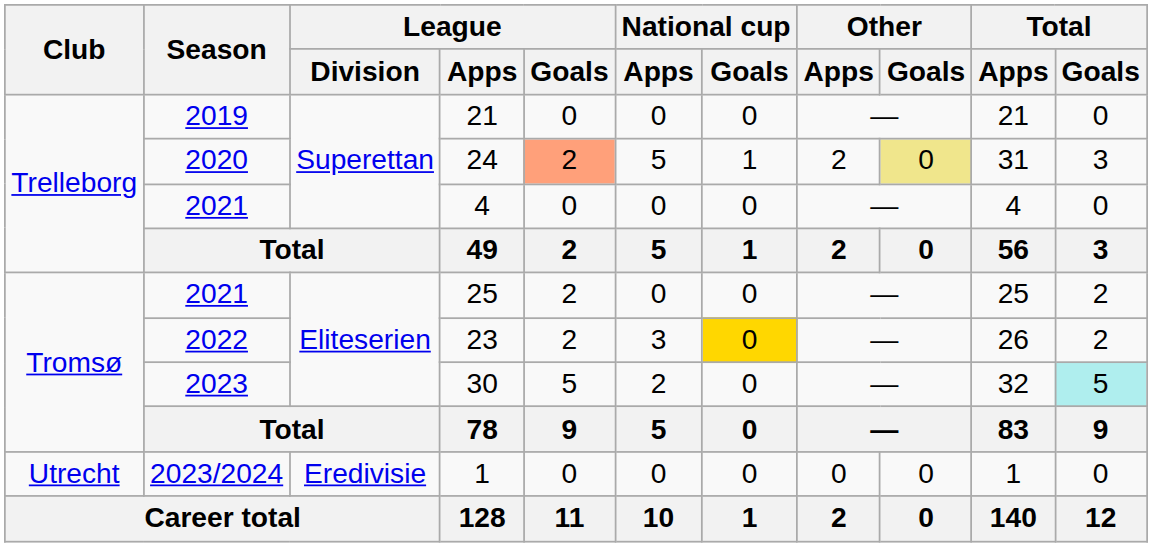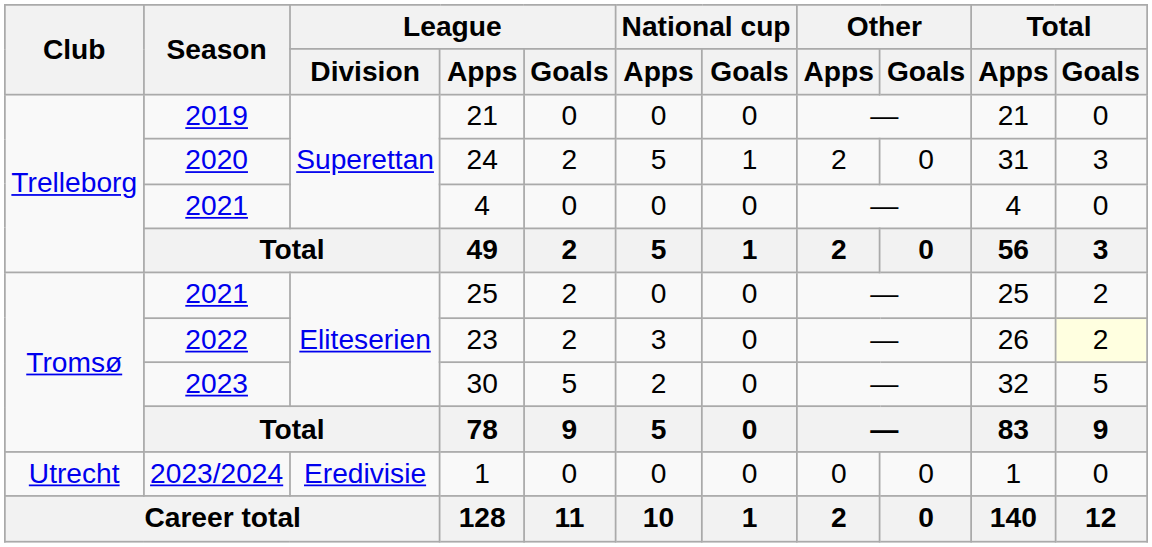 <table class="wikitable" style="text-align: center;">
 <tr>
 <th rowspan="2">Club</th>
 <th rowspan="2">Season</th>
 <th colspan="3">League</th>
 <th colspan="2">National cup</th>
 <th colspan="2">Other</th>
 <th colspan="2">Total</th>
 </tr>
 <tr>
 <th>Division</th>
 <th>Apps</th>
 <th>Goals</th>
 <th>Apps</th>
 <th>Goals</th>
 <th>Apps</th>
 <th>Goals</th>
 <th>Apps</th>
 <th>Goals</th>
 </tr>
 <tr>
 <td rowspan="4"><a href='#'>Trelleborg</a></td>
 <td><a href='#'>2019</a></td>
 <td rowspan="3"><a href='#'>Superettan</a></td>
 <td>21</td>
 <td>0</td>
 <td>0</td>
 <td>0</td>
 <td colspan="2">—</td>
 <td>21</td>
 <td>0</td>
 </tr>
 <tr>
 <td><a href='#'>2020</a></td>
 <td>24</td>
-<td style="background: lightsalmon;">2</td>
+<td>2</td>
 <td>5</td>
 <td>1</td>
 <td>2</td>
-<td style="background: khaki;">0</td>
+<td>0</td>
 <td>31</td>
 <td>3</td>
 </tr>
 <tr>
 <td><a href='#'>2021</a></td>
 <td>4</td>
 <td>0</td>
 <td>0</td>
 <td>0</td>
 <td colspan="2">—</td>
 <td>4</td>
 <td>0</td>
 </tr>
 <tr>
 <th colspan="2">Total</th>
 <th>49</th>
 <th>2</th>
 <th>5</th>
 <th>1</th>
 <th>2</th>
 <th>0</th>
 <th>56</th>
 <th>3</th>
 </tr>
 <tr>
 <td rowspan="4"><a href='#'>Tromsø</a></td>
 <td><a href='#'>2021</a></td>
 <td rowspan="3"><a href='#'>Eliteserien</a></td>
 <td>25</td>
 <td>2</td>
 <td>0</td>
 <td>0</td>
 <td colspan="2">—</td>
 <td>25</td>
 <td>2</td>
 </tr>
 <tr>
 <td><a href='#'>2022</a></td>
 <td>23</td>
 <td>2</td>
 <td>3</td>
-<td style="background: gold;">0</td>
+<td>0</td>
 <td colspan="2">—</td>
 <td>26</td>
-<td>2</td>
+<td style="background: lightyellow;">2</td>
 </tr>
 <tr>
 <td><a href='#'>2023</a></td>
 <td>30</td>
 <td>5</td>
 <td>2</td>
 <td>0</td>
 <td colspan="2">—</td>
 <td>32</td>
-<td style="background: paleturquoise;">5</td>
+<td>5</td>
 </tr>
 <tr>
 <th colspan="2">Total</th>
 <th>78</th>
 <th>9</th>
 <th>5</th>
 <th>0</th>
 <th colspan="2">—</th>
 <th>83</th>
 <th>9</th>
 </tr>
 <tr>
 <td><a href='#'>Utrecht</a></td>
 <td><a href='#'>2023/2024</a></td>
 <td><a href='#'>Eredivisie</a></td>
 <td>1</td>
 <td>0</td>
 <td>0</td>
 <td>0</td>
 <td>0</td>
 <td>0</td>
 <td>1</td>
 <td>0</td>
 </tr>
 <tr>
 <th colspan="3">Career total</th>
 <th>128</th>
 <th>11</th>
 <th>10</th>
 <th>1</th>
 <th>2</th>
 <th>0</th>
 <th>140</th>
 <th>12</th>
 </tr>
 </table>
